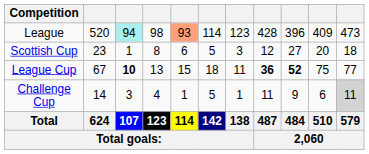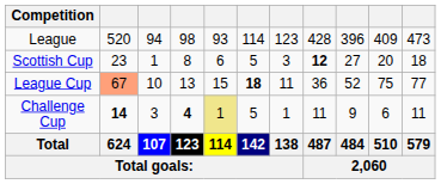 <table class="wikitable" style="text-align:center">
 <tr>
 <th width=100>Competition</th>
 <th width=35></th>
 <th width=30></th>
 <th width=30></th>
 <th width=30></th>
 <th width=30></th>
 <th width=30></th>
 <th width=30></th>
 <th width=30></th>
 <th width=30></th>
 <th width=30></th>
 </tr>
 <tr>
 <td>League</td>
 <td>520</td>
-<td style="background: paleturquoise;">94</td>
+<td>94</td>
 <td>98</td>
-<td style="background: lightsalmon;">93</td>
+<td>93</td>
 <td>114</td>
 <td>123</td>
 <td>428</td>
 <td>396</td>
 <td>409</td>
 <td>473</td>
 </tr>
 <tr>
 <td><a href='#'>Scottish Cup</a></td>
 <td>23</td>
 <td>1</td>
 <td>8</td>
 <td>6</td>
 <td>5</td>
 <td>3</td>
-<td>12</td>
+<td><strong>12</strong></td>
 <td>27</td>
 <td>20</td>
 <td>18</td>
 </tr>
 <tr>
 <td><a href='#'>League Cup</a></td>
-<td>67</td>
-<td><strong>10</strong></td>
+<td style="background: lightsalmon;">67</td>
+<td>10</td>
 <td>13</td>
 <td>15</td>
-<td>18</td>
+<td><strong>18</strong></td>
 <td>11</td>
-<td><strong>36</strong></td>
-<td><strong>52</strong></td>
+<td>36</td>
+<td>52</td>
 <td>75</td>
 <td>77</td>
 </tr>
 <tr>
 <td><a href='#'>Challenge Cup</a></td>
-<td>14</td>
+<td><strong>14</strong></td>
 <td>3</td>
-<td>4</td>
-<td>1</td>
+<td><strong>4</strong></td>
+<td style="background: khaki;">1</td>
 <td>5</td>
 <td>1</td>
 <td>11</td>
 <td>9</td>
 <td>6</td>
-<td style="background: lightgrey;">11</td>
+<td>11</td>
 </tr>
 <tr>
 <th>Total</th>
 <th>624</th>
 <th style="text-align:center; color:white; background:blue;">107</th>
 <th style="text-align:center; color:white; background:black;">123</th>
 <th style="text-align:center; color:black; background:yellow;">114</th>
 <th style="text-align:center; color:white; background:#000080;">142</th>
 <th>138</th>
 <th>487</th>
 <th>484</th>
 <th>510</th>
 <th>579</th>
 </tr>
 <tr>
 <th colspan="7">Total goals:</th>
 <th colspan="4" text-align:left>2,060</th>
 </tr>
 </table>
